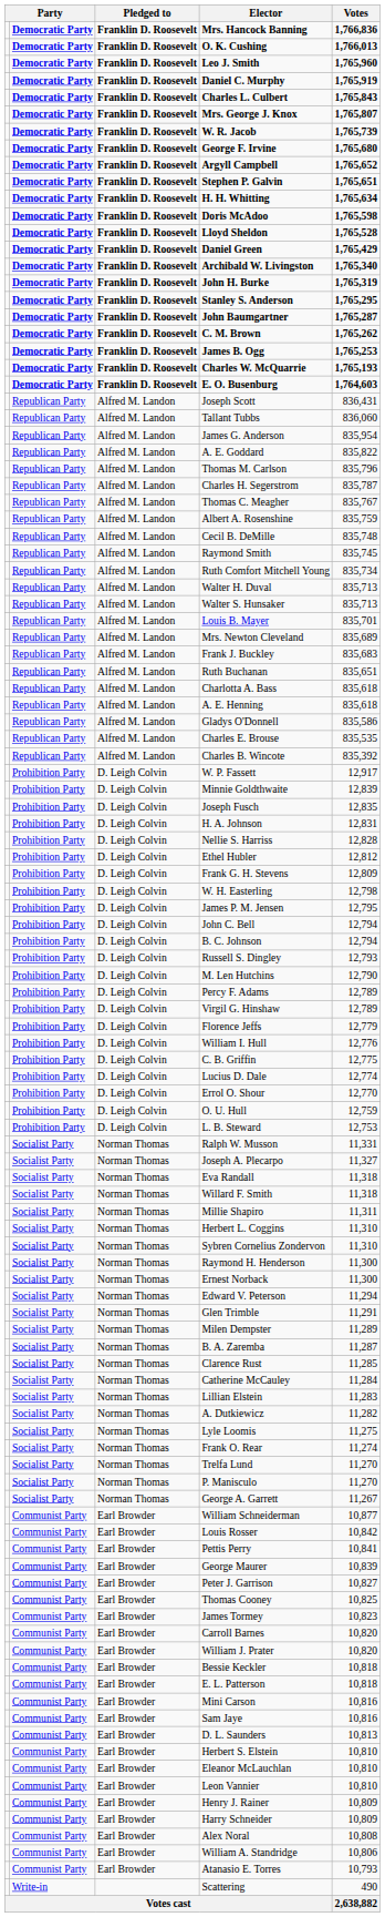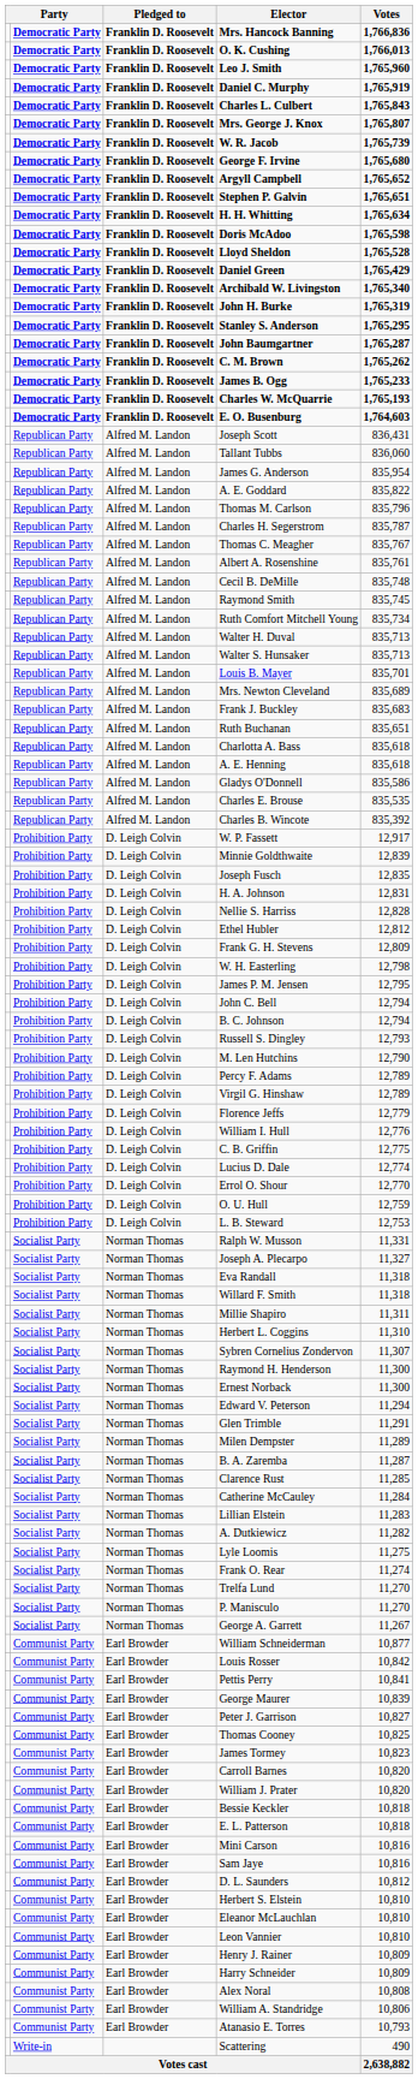 <table class="wikitable">
 <tr>
 <th colspan=2>Party</th>
 <th>Pledged to</th>
 <th>Elector</th>
 <th>Votes</th>
 </tr>
 <tr style="font-weight:bold">
 <td bgcolor=></td>
 <td><a href='#'>Democratic Party</a></td>
 <td>Franklin D. Roosevelt</td>
 <td>Mrs. Hancock Banning</td>
 <td align="right">1,766,836</td>
 </tr>
 <tr style="font-weight:bold">
 <td bgcolor=></td>
 <td><a href='#'>Democratic Party</a></td>
 <td>Franklin D. Roosevelt</td>
 <td>O. K. Cushing</td>
 <td align="right">1,766,013</td>
 </tr>
 <tr style="font-weight:bold">
 <td bgcolor=></td>
 <td><a href='#'>Democratic Party</a></td>
 <td>Franklin D. Roosevelt</td>
 <td>Leo J. Smith</td>
 <td align="right">1,765,960</td>
 </tr>
 <tr style="font-weight:bold">
 <td bgcolor=></td>
 <td><a href='#'>Democratic Party</a></td>
 <td>Franklin D. Roosevelt</td>
 <td>Daniel C. Murphy</td>
 <td align="right">1,765,919</td>
 </tr>
 <tr style="font-weight:bold">
 <td bgcolor=></td>
 <td><a href='#'>Democratic Party</a></td>
 <td>Franklin D. Roosevelt</td>
 <td>Charles L. Culbert</td>
 <td align="right">1,765,843</td>
 </tr>
 <tr style="font-weight:bold">
 <td bgcolor=></td>
 <td><a href='#'>Democratic Party</a></td>
 <td>Franklin D. Roosevelt</td>
 <td>Mrs. George J. Knox</td>
 <td align="right">1,765,807</td>
 </tr>
 <tr style="font-weight:bold">
 <td bgcolor=></td>
 <td><a href='#'>Democratic Party</a></td>
 <td>Franklin D. Roosevelt</td>
 <td>W. R. Jacob</td>
 <td align="right">1,765,739</td>
 </tr>
 <tr style="font-weight:bold">
 <td bgcolor=></td>
 <td><a href='#'>Democratic Party</a></td>
 <td>Franklin D. Roosevelt</td>
 <td>George F. Irvine</td>
 <td align="right">1,765,680</td>
 </tr>
 <tr style="font-weight:bold">
 <td bgcolor=></td>
 <td><a href='#'>Democratic Party</a></td>
 <td>Franklin D. Roosevelt</td>
 <td>Argyll Campbell</td>
 <td align="right">1,765,652</td>
 </tr>
 <tr style="font-weight:bold">
 <td bgcolor=></td>
 <td><a href='#'>Democratic Party</a></td>
 <td>Franklin D. Roosevelt</td>
 <td>Stephen P. Galvin</td>
 <td align="right">1,765,651</td>
 </tr>
 <tr style="font-weight:bold">
 <td bgcolor=></td>
 <td><a href='#'>Democratic Party</a></td>
 <td>Franklin D. Roosevelt</td>
 <td>H. H. Whitting</td>
 <td align="right">1,765,634</td>
 </tr>
 <tr style="font-weight:bold">
 <td bgcolor=></td>
 <td><a href='#'>Democratic Party</a></td>
 <td>Franklin D. Roosevelt</td>
 <td>Doris McAdoo</td>
 <td align="right">1,765,598</td>
 </tr>
 <tr style="font-weight:bold">
 <td bgcolor=></td>
 <td><a href='#'>Democratic Party</a></td>
 <td>Franklin D. Roosevelt</td>
 <td>Lloyd Sheldon</td>
 <td align="right">1,765,528</td>
 </tr>
 <tr style="font-weight:bold">
 <td bgcolor=></td>
 <td><a href='#'>Democratic Party</a></td>
 <td>Franklin D. Roosevelt</td>
 <td>Daniel Green</td>
 <td align="right">1,765,429</td>
 </tr>
 <tr style="font-weight:bold">
 <td bgcolor=></td>
 <td><a href='#'>Democratic Party</a></td>
 <td>Franklin D. Roosevelt</td>
 <td>Archibald W. Livingston</td>
 <td align="right">1,765,340</td>
 </tr>
 <tr style="font-weight:bold">
 <td bgcolor=></td>
 <td><a href='#'>Democratic Party</a></td>
 <td>Franklin D. Roosevelt</td>
 <td>John H. Burke</td>
 <td align="right">1,765,319</td>
 </tr>
 <tr style="font-weight:bold">
 <td bgcolor=></td>
 <td><a href='#'>Democratic Party</a></td>
 <td>Franklin D. Roosevelt</td>
 <td>Stanley S. Anderson</td>
 <td align="right">1,765,295</td>
 </tr>
 <tr style="font-weight:bold">
 <td bgcolor=></td>
 <td><a href='#'>Democratic Party</a></td>
 <td>Franklin D. Roosevelt</td>
 <td>John Baumgartner</td>
 <td align="right">1,765,287</td>
 </tr>
 <tr style="font-weight:bold">
 <td bgcolor=></td>
 <td><a href='#'>Democratic Party</a></td>
 <td>Franklin D. Roosevelt</td>
 <td>C. M. Brown</td>
 <td align="right">1,765,262</td>
 </tr>
 <tr style="font-weight:bold">
 <td bgcolor=></td>
 <td><a href='#'>Democratic Party</a></td>
 <td>Franklin D. Roosevelt</td>
 <td>James B. Ogg</td>
-<td align="right">1,765,253</td>
+<td align="right">1,765,233</td>
 </tr>
 <tr style="font-weight:bold">
 <td bgcolor=></td>
 <td><a href='#'>Democratic Party</a></td>
 <td>Franklin D. Roosevelt</td>
 <td>Charles W. McQuarrie</td>
 <td align="right">1,765,193</td>
 </tr>
 <tr style="font-weight:bold">
 <td bgcolor=></td>
 <td><a href='#'>Democratic Party</a></td>
 <td>Franklin D. Roosevelt</td>
 <td>E. O. Busenburg</td>
 <td align="right">1,764,603</td>
 </tr>
 <tr>
 <td></td>
 <td><a href='#'>Republican Party</a></td>
 <td>Alfred M. Landon</td>
 <td>Joseph Scott</td>
 <td align="right">836,431</td>
 </tr>
 <tr>
 <td></td>
 <td><a href='#'>Republican Party</a></td>
 <td>Alfred M. Landon</td>
 <td>Tallant Tubbs</td>
 <td align="right">836,060</td>
 </tr>
 <tr>
 <td></td>
 <td><a href='#'>Republican Party</a></td>
 <td>Alfred M. Landon</td>
 <td>James G. Anderson</td>
 <td align="right">835,954</td>
 </tr>
 <tr>
 <td></td>
 <td><a href='#'>Republican Party</a></td>
 <td>Alfred M. Landon</td>
 <td>A. E. Goddard</td>
 <td align="right">835,822</td>
 </tr>
 <tr>
 <td></td>
 <td><a href='#'>Republican Party</a></td>
 <td>Alfred M. Landon</td>
 <td>Thomas M. Carlson</td>
 <td align="right">835,796</td>
 </tr>
 <tr>
 <td></td>
 <td><a href='#'>Republican Party</a></td>
 <td>Alfred M. Landon</td>
 <td>Charles H. Segerstrom</td>
 <td align="right">835,787</td>
 </tr>
 <tr>
 <td></td>
 <td><a href='#'>Republican Party</a></td>
 <td>Alfred M. Landon</td>
 <td>Thomas C. Meagher</td>
 <td align="right">835,767</td>
 </tr>
 <tr>
 <td></td>
 <td><a href='#'>Republican Party</a></td>
 <td>Alfred M. Landon</td>
 <td>Albert A. Rosenshine</td>
-<td align="right">835,759</td>
+<td align="right">835,761</td>
 </tr>
 <tr>
 <td></td>
 <td><a href='#'>Republican Party</a></td>
 <td>Alfred M. Landon</td>
 <td>Cecil B. DeMille</td>
 <td align="right">835,748</td>
 </tr>
 <tr>
 <td></td>
 <td><a href='#'>Republican Party</a></td>
 <td>Alfred M. Landon</td>
 <td>Raymond Smith</td>
 <td align="right">835,745</td>
 </tr>
 <tr>
 <td></td>
 <td><a href='#'>Republican Party</a></td>
 <td>Alfred M. Landon</td>
 <td>Ruth Comfort Mitchell Young</td>
 <td align="right">835,734</td>
 </tr>
 <tr>
 <td></td>
 <td><a href='#'>Republican Party</a></td>
 <td>Alfred M. Landon</td>
 <td>Walter H. Duval</td>
 <td align="right">835,713</td>
 </tr>
 <tr>
 <td></td>
 <td><a href='#'>Republican Party</a></td>
 <td>Alfred M. Landon</td>
 <td>Walter S. Hunsaker</td>
 <td align="right">835,713</td>
 </tr>
 <tr>
 <td></td>
 <td><a href='#'>Republican Party</a></td>
 <td>Alfred M. Landon</td>
 <td><a href='#'>Louis B. Mayer</a></td>
 <td align="right">835,701</td>
 </tr>
 <tr>
 <td></td>
 <td><a href='#'>Republican Party</a></td>
 <td>Alfred M. Landon</td>
 <td>Mrs. Newton Cleveland</td>
 <td align="right">835,689</td>
 </tr>
 <tr>
 <td></td>
 <td><a href='#'>Republican Party</a></td>
 <td>Alfred M. Landon</td>
 <td>Frank J. Buckley</td>
 <td align="right">835,683</td>
 </tr>
 <tr>
 <td></td>
 <td><a href='#'>Republican Party</a></td>
 <td>Alfred M. Landon</td>
 <td>Ruth Buchanan</td>
 <td align="right">835,651</td>
 </tr>
 <tr>
 <td></td>
 <td><a href='#'>Republican Party</a></td>
 <td>Alfred M. Landon</td>
 <td>Charlotta A. Bass</td>
 <td align="right">835,618</td>
 </tr>
 <tr>
 <td></td>
 <td><a href='#'>Republican Party</a></td>
 <td>Alfred M. Landon</td>
 <td>A. E. Henning</td>
 <td align="right">835,618</td>
 </tr>
 <tr>
 <td></td>
 <td><a href='#'>Republican Party</a></td>
 <td>Alfred M. Landon</td>
 <td>Gladys O'Donnell</td>
 <td align="right">835,586</td>
 </tr>
 <tr>
 <td></td>
 <td><a href='#'>Republican Party</a></td>
 <td>Alfred M. Landon</td>
 <td>Charles E. Brouse</td>
 <td align="right">835,535</td>
 </tr>
 <tr>
 <td></td>
 <td><a href='#'>Republican Party</a></td>
 <td>Alfred M. Landon</td>
 <td>Charles B. Wincote</td>
 <td align="right">835,392</td>
 </tr>
 <tr>
 <td bgcolor=></td>
 <td><a href='#'>Prohibition Party</a></td>
 <td>D. Leigh Colvin</td>
 <td>W. P. Fassett</td>
 <td align="right">12,917</td>
 </tr>
 <tr>
 <td bgcolor=></td>
 <td><a href='#'>Prohibition Party</a></td>
 <td>D. Leigh Colvin</td>
 <td>Minnie Goldthwaite</td>
 <td align="right">12,839</td>
 </tr>
 <tr>
 <td bgcolor=></td>
 <td><a href='#'>Prohibition Party</a></td>
 <td>D. Leigh Colvin</td>
 <td>Joseph Fusch</td>
 <td align="right">12,835</td>
 </tr>
 <tr>
 <td bgcolor=></td>
 <td><a href='#'>Prohibition Party</a></td>
 <td>D. Leigh Colvin</td>
 <td>H. A. Johnson</td>
 <td align="right">12,831</td>
 </tr>
 <tr>
 <td bgcolor=></td>
 <td><a href='#'>Prohibition Party</a></td>
 <td>D. Leigh Colvin</td>
 <td>Nellie S. Harriss</td>
 <td align="right">12,828</td>
 </tr>
 <tr>
 <td bgcolor=></td>
 <td><a href='#'>Prohibition Party</a></td>
 <td>D. Leigh Colvin</td>
 <td>Ethel Hubler</td>
 <td align="right">12,812</td>
 </tr>
 <tr>
 <td bgcolor=></td>
 <td><a href='#'>Prohibition Party</a></td>
 <td>D. Leigh Colvin</td>
 <td>Frank G. H. Stevens</td>
 <td align="right">12,809</td>
 </tr>
 <tr>
 <td bgcolor=></td>
 <td><a href='#'>Prohibition Party</a></td>
 <td>D. Leigh Colvin</td>
 <td>W. H. Easterling</td>
 <td align="right">12,798</td>
 </tr>
 <tr>
 <td bgcolor=></td>
 <td><a href='#'>Prohibition Party</a></td>
 <td>D. Leigh Colvin</td>
 <td>James P. M. Jensen</td>
 <td align="right">12,795</td>
 </tr>
 <tr>
 <td bgcolor=></td>
 <td><a href='#'>Prohibition Party</a></td>
 <td>D. Leigh Colvin</td>
 <td>John C. Bell</td>
 <td align="right">12,794</td>
 </tr>
 <tr>
 <td bgcolor=></td>
 <td><a href='#'>Prohibition Party</a></td>
 <td>D. Leigh Colvin</td>
 <td>B. C. Johnson</td>
 <td align="right">12,794</td>
 </tr>
 <tr>
 <td bgcolor=></td>
 <td><a href='#'>Prohibition Party</a></td>
 <td>D. Leigh Colvin</td>
 <td>Russell S. Dingley</td>
 <td align="right">12,793</td>
 </tr>
 <tr>
 <td bgcolor=></td>
 <td><a href='#'>Prohibition Party</a></td>
 <td>D. Leigh Colvin</td>
 <td>M. Len Hutchins</td>
 <td align="right">12,790</td>
 </tr>
 <tr>
 <td bgcolor=></td>
 <td><a href='#'>Prohibition Party</a></td>
 <td>D. Leigh Colvin</td>
 <td>Percy F. Adams</td>
 <td align="right">12,789</td>
 </tr>
 <tr>
 <td bgcolor=></td>
 <td><a href='#'>Prohibition Party</a></td>
 <td>D. Leigh Colvin</td>
 <td>Virgil G. Hinshaw</td>
 <td align="right">12,789</td>
 </tr>
 <tr>
 <td bgcolor=></td>
 <td><a href='#'>Prohibition Party</a></td>
 <td>D. Leigh Colvin</td>
 <td>Florence Jeffs</td>
 <td align="right">12,779</td>
 </tr>
 <tr>
 <td bgcolor=></td>
 <td><a href='#'>Prohibition Party</a></td>
 <td>D. Leigh Colvin</td>
 <td>William I. Hull</td>
 <td align="right">12,776</td>
 </tr>
 <tr>
 <td bgcolor=></td>
 <td><a href='#'>Prohibition Party</a></td>
 <td>D. Leigh Colvin</td>
 <td>C. B. Griffin</td>
 <td align="right">12,775</td>
 </tr>
 <tr>
 <td bgcolor=></td>
 <td><a href='#'>Prohibition Party</a></td>
 <td>D. Leigh Colvin</td>
 <td>Lucius D. Dale</td>
 <td align="right">12,774</td>
 </tr>
 <tr>
 <td bgcolor=></td>
 <td><a href='#'>Prohibition Party</a></td>
 <td>D. Leigh Colvin</td>
 <td>Errol O. Shour</td>
 <td align="right">12,770</td>
 </tr>
 <tr>
 <td bgcolor=></td>
 <td><a href='#'>Prohibition Party</a></td>
 <td>D. Leigh Colvin</td>
 <td>O. U. Hull</td>
 <td align="right">12,759</td>
 </tr>
 <tr>
 <td bgcolor=></td>
 <td><a href='#'>Prohibition Party</a></td>
 <td>D. Leigh Colvin</td>
 <td>L. B. Steward</td>
 <td align="right">12,753</td>
 </tr>
 <tr>
 <td bgcolor=></td>
 <td><a href='#'>Socialist Party</a></td>
 <td>Norman Thomas</td>
 <td>Ralph W. Musson</td>
 <td align="right">11,331</td>
 </tr>
 <tr>
 <td bgcolor=></td>
 <td><a href='#'>Socialist Party</a></td>
 <td>Norman Thomas</td>
 <td>Joseph A. Plecarpo</td>
 <td align="right">11,327</td>
 </tr>
 <tr>
 <td bgcolor=></td>
 <td><a href='#'>Socialist Party</a></td>
 <td>Norman Thomas</td>
 <td>Eva Randall</td>
 <td align="right">11,318</td>
 </tr>
 <tr>
 <td bgcolor=></td>
 <td><a href='#'>Socialist Party</a></td>
 <td>Norman Thomas</td>
 <td>Willard F. Smith</td>
 <td align="right">11,318</td>
 </tr>
 <tr>
 <td bgcolor=></td>
 <td><a href='#'>Socialist Party</a></td>
 <td>Norman Thomas</td>
 <td>Millie Shapiro</td>
 <td align="right">11,311</td>
 </tr>
 <tr>
 <td bgcolor=></td>
 <td><a href='#'>Socialist Party</a></td>
 <td>Norman Thomas</td>
 <td>Herbert L. Coggins</td>
 <td align="right">11,310</td>
 </tr>
 <tr>
 <td bgcolor=></td>
 <td><a href='#'>Socialist Party</a></td>
 <td>Norman Thomas</td>
 <td>Sybren Cornelius Zondervon</td>
-<td align="right">11,310</td>
+<td align="right">11,307</td>
 </tr>
 <tr>
 <td bgcolor=></td>
 <td><a href='#'>Socialist Party</a></td>
 <td>Norman Thomas</td>
 <td>Raymond H. Henderson</td>
 <td align="right">11,300</td>
 </tr>
 <tr>
 <td bgcolor=></td>
 <td><a href='#'>Socialist Party</a></td>
 <td>Norman Thomas</td>
 <td>Ernest Norback</td>
 <td align="right">11,300</td>
 </tr>
 <tr>
 <td bgcolor=></td>
 <td><a href='#'>Socialist Party</a></td>
 <td>Norman Thomas</td>
 <td>Edward V. Peterson</td>
 <td align="right">11,294</td>
 </tr>
 <tr>
 <td bgcolor=></td>
 <td><a href='#'>Socialist Party</a></td>
 <td>Norman Thomas</td>
 <td>Glen Trimble</td>
 <td align="right">11,291</td>
 </tr>
 <tr>
 <td bgcolor=></td>
 <td><a href='#'>Socialist Party</a></td>
 <td>Norman Thomas</td>
 <td>Milen Dempster</td>
 <td align="right">11,289</td>
 </tr>
 <tr>
 <td bgcolor=></td>
 <td><a href='#'>Socialist Party</a></td>
 <td>Norman Thomas</td>
 <td>B. A. Zaremba</td>
 <td align="right">11,287</td>
 </tr>
 <tr>
 <td bgcolor=></td>
 <td><a href='#'>Socialist Party</a></td>
 <td>Norman Thomas</td>
 <td>Clarence Rust</td>
 <td align="right">11,285</td>
 </tr>
 <tr>
 <td bgcolor=></td>
 <td><a href='#'>Socialist Party</a></td>
 <td>Norman Thomas</td>
 <td>Catherine McCauley</td>
 <td align="right">11,284</td>
 </tr>
 <tr>
 <td bgcolor=></td>
 <td><a href='#'>Socialist Party</a></td>
 <td>Norman Thomas</td>
 <td>Lillian Elstein</td>
 <td align="right">11,283</td>
 </tr>
 <tr>
 <td bgcolor=></td>
 <td><a href='#'>Socialist Party</a></td>
 <td>Norman Thomas</td>
 <td>A. Dutkiewicz</td>
 <td align="right">11,282</td>
 </tr>
 <tr>
 <td bgcolor=></td>
 <td><a href='#'>Socialist Party</a></td>
 <td>Norman Thomas</td>
 <td>Lyle Loomis</td>
 <td align="right">11,275</td>
 </tr>
 <tr>
 <td bgcolor=></td>
 <td><a href='#'>Socialist Party</a></td>
 <td>Norman Thomas</td>
 <td>Frank O. Rear</td>
 <td align="right">11,274</td>
 </tr>
 <tr>
 <td bgcolor=></td>
 <td><a href='#'>Socialist Party</a></td>
 <td>Norman Thomas</td>
 <td>Trelfa Lund</td>
 <td align="right">11,270</td>
 </tr>
 <tr>
 <td bgcolor=></td>
 <td><a href='#'>Socialist Party</a></td>
 <td>Norman Thomas</td>
 <td>P. Manisculo</td>
 <td align="right">11,270</td>
 </tr>
 <tr>
 <td bgcolor=></td>
 <td><a href='#'>Socialist Party</a></td>
 <td>Norman Thomas</td>
 <td>George A. Garrett</td>
 <td align="right">11,267</td>
 </tr>
 <tr>
 <td bgcolor=></td>
 <td><a href='#'>Communist Party</a></td>
 <td>Earl Browder</td>
 <td>William Schneiderman</td>
 <td align="right">10,877</td>
 </tr>
 <tr>
 <td bgcolor=></td>
 <td><a href='#'>Communist Party</a></td>
 <td>Earl Browder</td>
 <td>Louis Rosser</td>
 <td align="right">10,842</td>
 </tr>
 <tr>
 <td bgcolor=></td>
 <td><a href='#'>Communist Party</a></td>
 <td>Earl Browder</td>
 <td>Pettis Perry</td>
 <td align="right">10,841</td>
 </tr>
 <tr>
 <td bgcolor=></td>
 <td><a href='#'>Communist Party</a></td>
 <td>Earl Browder</td>
 <td>George Maurer</td>
 <td align="right">10,839</td>
 </tr>
 <tr>
 <td bgcolor=></td>
 <td><a href='#'>Communist Party</a></td>
 <td>Earl Browder</td>
 <td>Peter J. Garrison</td>
 <td align="right">10,827</td>
 </tr>
 <tr>
 <td bgcolor=></td>
 <td><a href='#'>Communist Party</a></td>
 <td>Earl Browder</td>
 <td>Thomas Cooney</td>
 <td align="right">10,825</td>
 </tr>
 <tr>
 <td bgcolor=></td>
 <td><a href='#'>Communist Party</a></td>
 <td>Earl Browder</td>
 <td>James Tormey</td>
 <td align="right">10,823</td>
 </tr>
 <tr>
 <td bgcolor=></td>
 <td><a href='#'>Communist Party</a></td>
 <td>Earl Browder</td>
 <td>Carroll Barnes</td>
 <td align="right">10,820</td>
 </tr>
 <tr>
 <td bgcolor=></td>
 <td><a href='#'>Communist Party</a></td>
 <td>Earl Browder</td>
 <td>William J. Prater</td>
 <td align="right">10,820</td>
 </tr>
 <tr>
 <td bgcolor=></td>
 <td><a href='#'>Communist Party</a></td>
 <td>Earl Browder</td>
 <td>Bessie Keckler</td>
 <td align="right">10,818</td>
 </tr>
 <tr>
 <td bgcolor=></td>
 <td><a href='#'>Communist Party</a></td>
 <td>Earl Browder</td>
 <td>E. L. Patterson</td>
 <td align="right">10,818</td>
 </tr>
 <tr>
 <td bgcolor=></td>
 <td><a href='#'>Communist Party</a></td>
 <td>Earl Browder</td>
 <td>Mini Carson</td>
 <td align="right">10,816</td>
 </tr>
 <tr>
 <td bgcolor=></td>
 <td><a href='#'>Communist Party</a></td>
 <td>Earl Browder</td>
 <td>Sam Jaye</td>
 <td align="right">10,816</td>
 </tr>
 <tr>
 <td bgcolor=></td>
 <td><a href='#'>Communist Party</a></td>
 <td>Earl Browder</td>
 <td>D. L. Saunders</td>
-<td align="right">10,813</td>
+<td align="right">10,812</td>
 </tr>
 <tr>
 <td bgcolor=></td>
 <td><a href='#'>Communist Party</a></td>
 <td>Earl Browder</td>
 <td>Herbert S. Elstein</td>
 <td align="right">10,810</td>
 </tr>
 <tr>
 <td bgcolor=></td>
 <td><a href='#'>Communist Party</a></td>
 <td>Earl Browder</td>
 <td>Eleanor McLauchlan</td>
 <td align="right">10,810</td>
 </tr>
 <tr>
 <td bgcolor=></td>
 <td><a href='#'>Communist Party</a></td>
 <td>Earl Browder</td>
 <td>Leon Vannier</td>
 <td align="right">10,810</td>
 </tr>
 <tr>
 <td bgcolor=></td>
 <td><a href='#'>Communist Party</a></td>
 <td>Earl Browder</td>
 <td>Henry J. Rainer</td>
 <td align="right">10,809</td>
 </tr>
 <tr>
 <td bgcolor=></td>
 <td><a href='#'>Communist Party</a></td>
 <td>Earl Browder</td>
 <td>Harry Schneider</td>
 <td align="right">10,809</td>
 </tr>
 <tr>
 <td bgcolor=></td>
 <td><a href='#'>Communist Party</a></td>
 <td>Earl Browder</td>
 <td>Alex Noral</td>
 <td align="right">10,808</td>
 </tr>
 <tr>
 <td bgcolor=></td>
 <td><a href='#'>Communist Party</a></td>
 <td>Earl Browder</td>
 <td>William A. Standridge</td>
 <td align="right">10,806</td>
 </tr>
 <tr>
 <td bgcolor=></td>
 <td><a href='#'>Communist Party</a></td>
 <td>Earl Browder</td>
 <td>Atanasio E. Torres</td>
 <td align="right">10,793</td>
 </tr>
 <tr>
 <td></td>
 <td><a href='#'>Write-in</a></td>
 <td></td>
 <td>Scattering</td>
 <td align="right">490</td>
 </tr>
 <tr>
 <th colspan="4">Votes cast</th>
 <th>2,638,882</th>
 </tr>
 </table>
